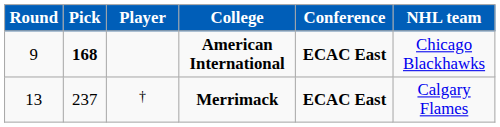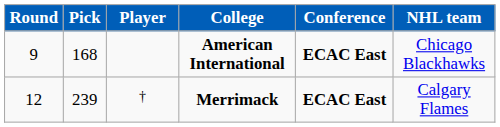 <table class="wikitable sortable" width="75%">
 <tr>
 <th style="color:white; background-color:#005EB8; width: 4em;">Round</th>
 <th style="color:white; background-color:#005EB8; width: 4em;">Pick</th>
 <th style="color:white; background-color:#005EB8; width: 12em;">Player</th>
 <th style="color:white; background-color:#005EB8; width: 13em;">College</th>
 <th style="color:white; background-color:#005EB8; width: 9em;">Conference</th>
 <th style="color:white; background-color:#005EB8; width: 11em;">NHL team</th>
 </tr>
 <tr align="center" bgcolor="">
 <td>9</td>
-<td><strong>168</strong></td>
+<td>168</td>
 <td></td>
 <td><strong>American International</strong></td>
 <td><strong>ECAC East</strong></td>
 <td><a href='#'>Chicago Blackhawks</a></td>
 </tr>
 <tr align="center" bgcolor="">
-<td>13</td>
-<td>237</td>
+<td>12</td>
+<td>239</td>
 <td> <sup>†</sup></td>
 <td><strong>Merrimack</strong></td>
 <td><strong>ECAC East</strong></td>
 <td><a href='#'>Calgary Flames</a></td>
 </tr>
 </table>
